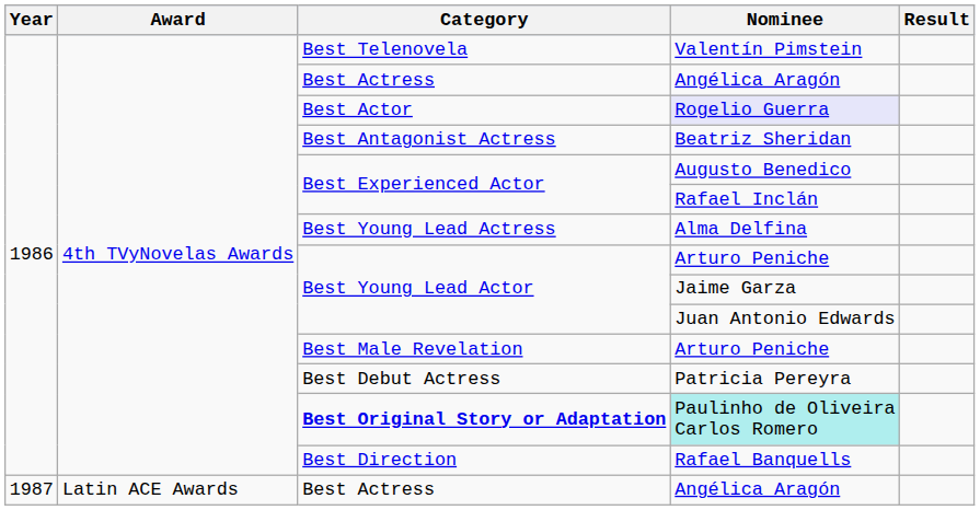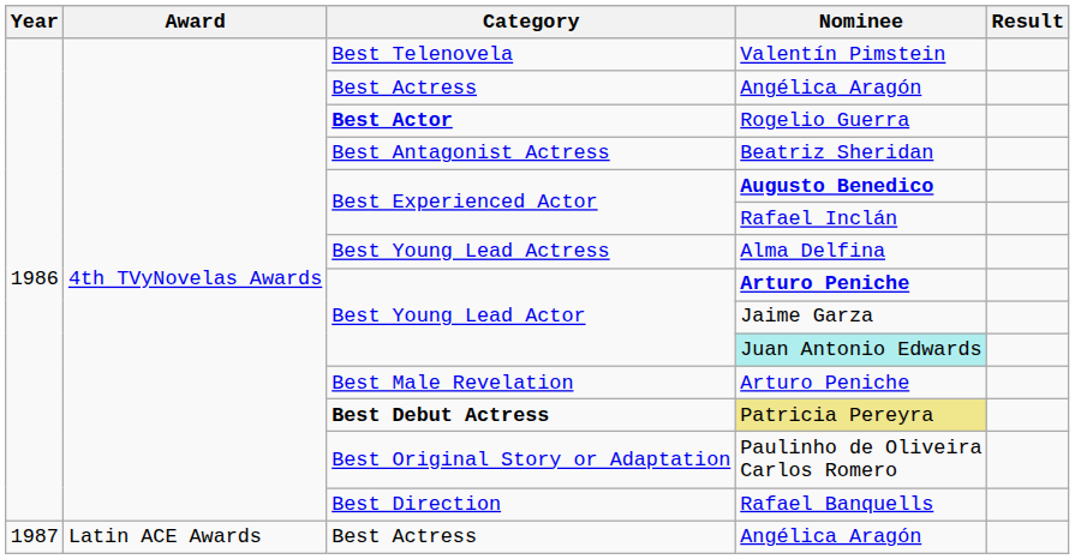 <table class="wikitable">
 <tr style="background:#b0c4de;">
 <th>Year</th>
 <th>Award</th>
 <th>Category</th>
 <th>Nominee</th>
 <th>Result</th>
 </tr>
 <tr>
 <td rowspan=14>1986</td>
 <td rowspan=14><a href='#'>4th TVyNovelas Awards</a></td>
 <td><a href='#'>Best Telenovela</a></td>
 <td><a href='#'>Valentín Pimstein</a></td>
 <td></td>
 </tr>
 <tr>
 <td><a href='#'>Best Actress</a></td>
 <td><a href='#'>Angélica Aragón</a></td>
 <td></td>
 </tr>
 <tr>
-<td><a href='#'>Best Actor</a></td>
-<td style="background: lavender;"><a href='#'>Rogelio Guerra</a></td>
+<td><strong><a href='#'>Best Actor</a></strong></td>
+<td><a href='#'>Rogelio Guerra</a></td>
 <td></td>
 </tr>
 <tr>
 <td><a href='#'>Best Antagonist Actress</a></td>
 <td><a href='#'>Beatriz Sheridan</a></td>
 <td></td>
 </tr>
 <tr>
 <td rowspan=2><a href='#'>Best Experienced Actor</a></td>
-<td><a href='#'>Augusto Benedico</a></td>
+<td><strong><a href='#'>Augusto Benedico</a></strong></td>
 <td></td>
 </tr>
 <tr>
 <td><a href='#'>Rafael Inclán</a></td>
 <td></td>
 </tr>
 <tr>
 <td><a href='#'>Best Young Lead Actress</a></td>
 <td><a href='#'>Alma Delfina</a></td>
 <td></td>
 </tr>
 <tr>
 <td rowspan=3><a href='#'>Best Young Lead Actor</a></td>
-<td><a href='#'>Arturo Peniche</a></td>
+<td><strong><a href='#'>Arturo Peniche</a></strong></td>
 <td></td>
 </tr>
 <tr>
 <td>Jaime Garza</td>
 <td></td>
 </tr>
 <tr>
-<td>Juan Antonio Edwards</td>
+<td style="background: paleturquoise;">Juan Antonio Edwards</td>
 <td></td>
 </tr>
 <tr>
 <td><a href='#'>Best Male Revelation</a></td>
 <td><a href='#'>Arturo Peniche</a></td>
 <td></td>
 </tr>
 <tr>
-<td>Best Debut Actress</td>
-<td>Patricia Pereyra</td>
+<td><strong>Best Debut Actress</strong></td>
+<td style="background: khaki;">Patricia Pereyra</td>
 <td></td>
 </tr>
 <tr>
-<td><strong><a href='#'>Best Original Story or Adaptation</a></strong></td>
-<td style="background: paleturquoise;">Paulinho de Oliveira <br> Carlos Romero</td>
+<td><a href='#'>Best Original Story or Adaptation</a></td>
+<td>Paulinho de Oliveira <br> Carlos Romero</td>
 <td></td>
 </tr>
 <tr>
 <td><a href='#'>Best Direction</a></td>
 <td><a href='#'>Rafael Banquells</a></td>
 <td></td>
 </tr>
 <tr>
 <td>1987</td>
 <td>Latin ACE Awards</td>
 <td>Best Actress</td>
 <td><a href='#'>Angélica Aragón</a></td>
 <td></td>
 </tr>
 </table>
